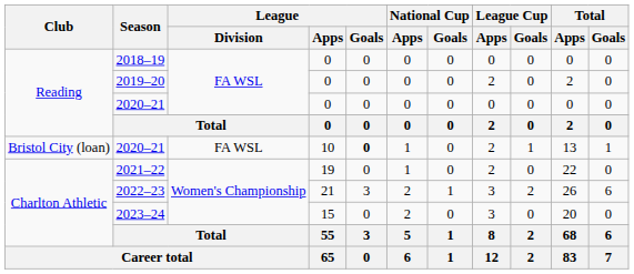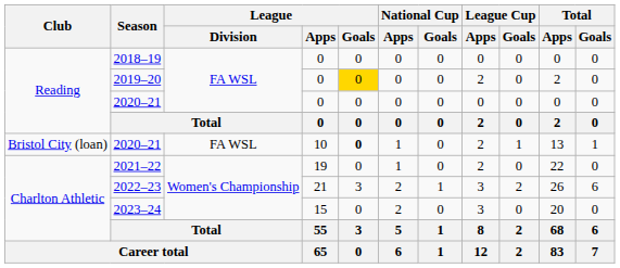 <table class="wikitable" style="text-align:center">
 <tr>
 <th rowspan="2">Club</th>
 <th rowspan="2">Season</th>
 <th colspan="3">League</th>
 <th colspan="2">National Cup</th>
 <th colspan="2">League Cup</th>
 <th colspan="2">Total</th>
 </tr>
 <tr>
 <th>Division</th>
 <th>Apps</th>
 <th>Goals</th>
 <th>Apps</th>
 <th>Goals</th>
 <th>Apps</th>
 <th>Goals</th>
 <th>Apps</th>
 <th>Goals</th>
 </tr>
 <tr>
 <td rowspan="4"><a href='#'>Reading</a></td>
 <td><a href='#'>2018–19</a></td>
 <td rowspan="3"><a href='#'>FA WSL</a></td>
 <td>0</td>
 <td>0</td>
 <td>0</td>
 <td>0</td>
 <td>0</td>
 <td>0</td>
 <td>0</td>
 <td>0</td>
 </tr>
 <tr>
 <td><a href='#'>2019–20</a></td>
 <td>0</td>
-<td>0</td>
+<td style="background: gold;">0</td>
 <td>0</td>
 <td>0</td>
 <td>2</td>
 <td>0</td>
 <td>2</td>
 <td>0</td>
 </tr>
 <tr>
 <td><a href='#'>2020–21</a></td>
 <td>0</td>
 <td>0</td>
 <td>0</td>
 <td>0</td>
 <td>0</td>
 <td>0</td>
 <td>0</td>
 <td>0</td>
 </tr>
 <tr>
 <th colspan="2">Total</th>
 <th>0</th>
 <th>0</th>
 <th>0</th>
 <th>0</th>
 <th>2</th>
 <th>0</th>
 <th>2</th>
 <th>0</th>
 </tr>
 <tr>
 <td><a href='#'>Bristol City</a> (loan)</td>
 <td><a href='#'>2020–21</a></td>
 <td>FA WSL</td>
 <td>10</td>
 <td><strong>0</strong></td>
 <td>1</td>
 <td>0</td>
 <td>2</td>
 <td>1</td>
 <td>13</td>
 <td>1</td>
 </tr>
 <tr>
 <td rowspan="4"><a href='#'>Charlton Athletic</a></td>
 <td><a href='#'>2021–22</a></td>
 <td rowspan="3"><a href='#'>Women's Championship</a></td>
 <td>19</td>
 <td>0</td>
 <td>1</td>
 <td>0</td>
 <td>2</td>
 <td>0</td>
 <td>22</td>
 <td>0</td>
 </tr>
 <tr>
 <td><a href='#'>2022–23</a></td>
 <td>21</td>
 <td>3</td>
 <td>2</td>
 <td>1</td>
 <td>3</td>
 <td>2</td>
 <td>26</td>
 <td>6</td>
 </tr>
 <tr>
 <td><a href='#'>2023–24</a></td>
 <td>15</td>
 <td>0</td>
 <td>2</td>
 <td>0</td>
 <td>3</td>
 <td>0</td>
 <td>20</td>
 <td>0</td>
 </tr>
 <tr>
 <th colspan="2">Total</th>
 <th>55</th>
 <th>3</th>
 <th>5</th>
 <th>1</th>
 <th>8</th>
 <th>2</th>
 <th>68</th>
 <th>6</th>
 </tr>
 <tr>
 <th colspan="3">Career total</th>
 <th>65</th>
 <th>0</th>
 <th>6</th>
 <th>1</th>
 <th>12</th>
 <th>2</th>
 <th>83</th>
 <th>7</th>
 </tr>
 </table>
